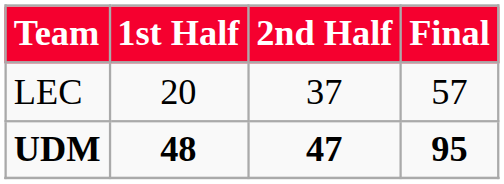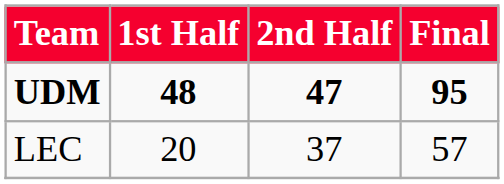 <table class="wikitable" align=right>
 <tr style="background: #F5002F; color: #FFFFFF">
 <td><strong>Team</strong></td>
 <td><strong>1st Half</strong></td>
 <td><strong>2nd Half</strong></td>
 <td><strong>Final</strong></td>
 </tr>
 <tr>
+<td><strong>UDM</strong></td>
+<td align=center><strong>48</strong></td>
+<td align=center><strong>47</strong></td>
+<td align=center><strong>95</strong></td>
+</tr>
+<tr>
 <td>LEC</td>
 <td align=center>20</td>
 <td align=center>37</td>
 <td align=center>57</td>
 </tr>
 <tr>
-<td><strong>UDM</strong></td>
-<td align=center><strong>48</strong></td>
-<td align=center><strong>47</strong></td>
-<td align=center><strong>95</strong></td>
-</tr>
-<tr>
 </tr>
 </table>
